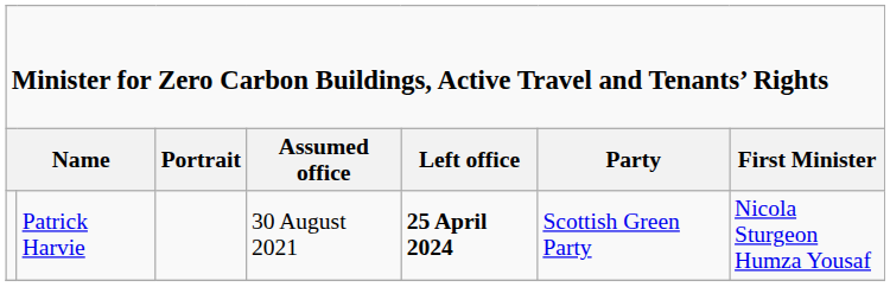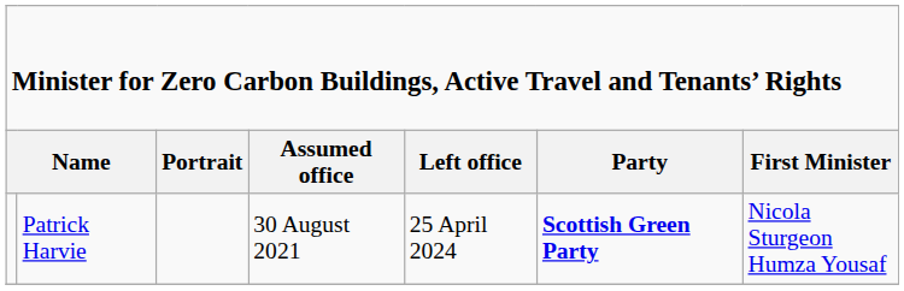 <table class="wikitable" style="margin: 0 0 0 1em; background: #f9f9f9; border: 1px #aaaaaa solid; border-collapse: collapse; ">
 <tr>
 <td colspan="7"><br><h3>Minister for Zero Carbon Buildings, Active Travel and Tenants’ Rights</h3></td>
 </tr>
 <tr>
 <th colspan="2">Name</th>
 <th>Portrait</th>
 <th>Assumed office</th>
 <th>Left office</th>
 <th>Party</th>
 <th>First Minister</th>
 </tr>
 <tr>
 <td></td>
 <td><a href='#'>Patrick Harvie</a></td>
 <td></td>
 <td>30 August 2021</td>
-<td><strong>25 April 2024</strong></td>
-<td><a href='#'>Scottish Green Party</a></td>
+<td>25 April 2024</td>
+<td><strong><a href='#'>Scottish Green Party</a></strong></td>
 <td><a href='#'>Nicola Sturgeon</a> <br> <a href='#'>Humza Yousaf</a></td>
 </tr>
 <tr>
 </tr>
 </table>
